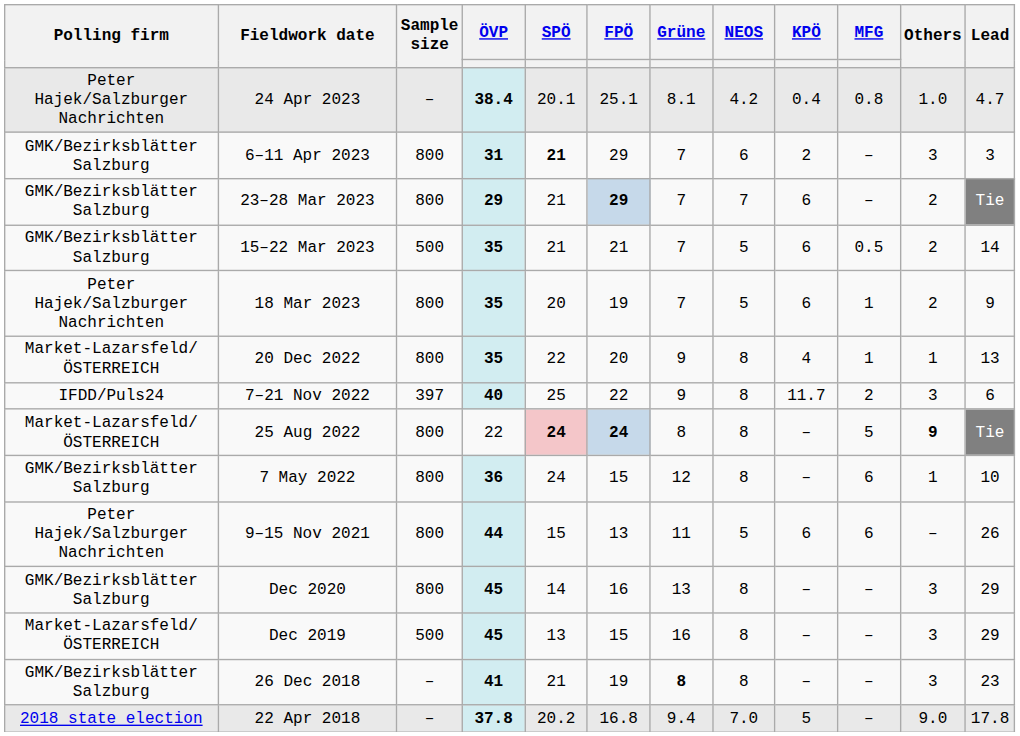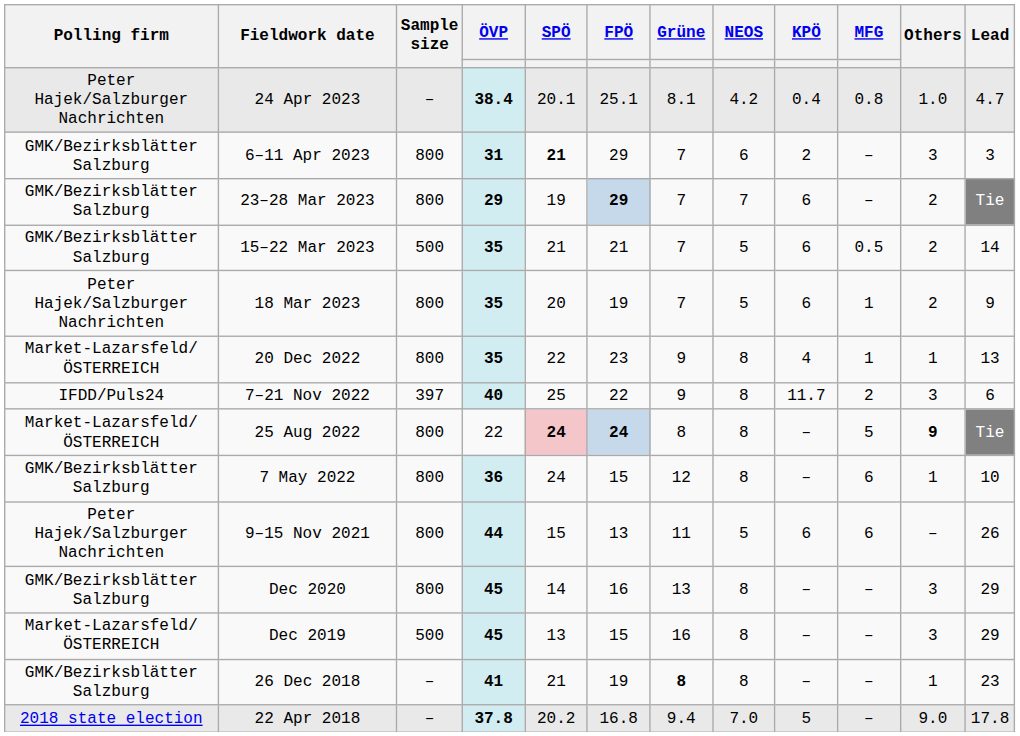 <table class="wikitable sortable" style="text-align:center;font-size:90%;line-height:14px;">
 <tr style="height:40px;">
 <th style="width:150px;" rowspan="2">Polling firm</th>
 <th style="width:125px;" rowspan="2">Fieldwork date</th>
 <th style="width:35px;" rowspan="2">Sample<br>size</th>
 <th class="unsortable" style="width:40px;"><a href='#'>ÖVP</a></th>
 <th class="unsortable" style="width:40px;"><a href='#'>SPÖ</a></th>
 <th class="unsortable" style="width:40px;"><a href='#'>FPÖ</a></th>
 <th class="unsortable" style="width:40px;"><a href='#'>Grüne</a></th>
 <th class="unsortable" style="width:40px;"><a href='#'>NEOS</a></th>
 <th class="unsortable" style="width:40px;"><a href='#'>KPÖ</a></th>
 <th class="unsortable" style="width:40px;"><a href='#'>MFG</a></th>
 <th class="unsortable" style="width:40px;" rowspan="2">Others</th>
 <th style="width:30px;" rowspan="2">Lead</th>
 </tr>
 <tr>
 <th style="background:"></th>
 <th style="background:"></th>
 <th style="background:"></th>
 <th style="background:"></th>
 <th style="background:"></th>
 <th style="background:"></th>
 <th style="background:"></th>
 </tr>
 <tr style="background:#E9E9E9;">
 <td>Peter Hajek/Salzburger Nachrichten</td>
 <td data-sort-value="2023-04-24">24 Apr 2023</td>
 <td>–</td>
 <td style="background:#D2EDF1;"><strong>38.4</strong></td>
 <td>20.1</td>
 <td>25.1</td>
 <td>8.1</td>
 <td>4.2</td>
 <td>0.4</td>
 <td>0.8</td>
 <td>1.0</td>
 <td style="background:">4.7</td>
 </tr>
 <tr>
 <td>GMK/Bezirksblätter Salzburg</td>
 <td data-sort-value="2023-04-11">6–11 Apr 2023</td>
 <td>800</td>
 <td style="background:#D2EDF1;"><strong>31</strong></td>
 <td><strong>21</strong></td>
 <td>29</td>
 <td>7</td>
 <td>6</td>
 <td>2</td>
 <td>–</td>
 <td>3</td>
 <td style="background:">3</td>
 </tr>
 <tr>
 <td>GMK/Bezirksblätter Salzburg</td>
 <td data-sort-value="2023-03-28">23–28 Mar 2023</td>
 <td>800</td>
 <td style="background:#D2EDF1;"><strong>29</strong></td>
-<td>21</td>
+<td>19</td>
 <td style="background:#C6D9EA;"><strong>29</strong></td>
 <td>7</td>
 <td>7</td>
 <td>6</td>
 <td>–</td>
 <td>2</td>
 <td style="background:gray; color:white;">Tie</td>
 </tr>
 <tr>
 <td>GMK/Bezirksblätter Salzburg</td>
 <td data-sort-value="2023-03-22">15–22 Mar 2023</td>
 <td>500</td>
 <td style="background:#D2EDF1;"><strong>35</strong></td>
 <td>21</td>
 <td>21</td>
 <td>7</td>
 <td>5</td>
 <td>6</td>
 <td>0.5</td>
 <td>2</td>
 <td style="background:">14</td>
 </tr>
 <tr>
 <td>Peter Hajek/Salzburger Nachrichten</td>
 <td data-sort-value="2023-03-18">18 Mar 2023</td>
 <td>800</td>
 <td style="background:#D2EDF1;"><strong>35</strong></td>
 <td>20</td>
 <td>19</td>
 <td>7</td>
 <td>5</td>
 <td>6</td>
 <td>1</td>
 <td>2</td>
 <td style="background:">9</td>
 </tr>
 <tr>
 <td>Market-Lazarsfeld/ÖSTERREICH</td>
 <td data-sort-value="2018-03-17">20 Dec 2022</td>
 <td>800</td>
 <td style="background:#D2EDF1;"><strong>35</strong></td>
 <td>22</td>
-<td>20</td>
+<td>23</td>
 <td>9</td>
 <td>8</td>
 <td>4</td>
 <td>1</td>
 <td>1</td>
 <td style="background:">13</td>
 </tr>
 <tr>
 <td>IFDD/Puls24</td>
 <td data-sort-value="2018-03-08">7–21 Nov 2022</td>
 <td>397</td>
 <td style="background:#D2EDF1;"><strong>40</strong></td>
 <td>25</td>
 <td>22</td>
 <td>9</td>
 <td>8</td>
 <td>11.7</td>
 <td>2</td>
 <td>3</td>
 <td style="background:">6</td>
 </tr>
 <tr>
 <td>Market-Lazarsfeld/ÖSTERREICH</td>
 <td>25 Aug 2022</td>
 <td>800</td>
 <td>22</td>
 <td style="background:#F4C6C9;"><strong>24</strong></td>
 <td style="background:#C6D9EA;"><strong>24</strong></td>
 <td>8</td>
 <td>8</td>
 <td>–</td>
 <td>5</td>
 <td><strong>9</strong></td>
 <td style="background:gray; color:white;">Tie</td>
 </tr>
 <tr>
 <td>GMK/Bezirksblätter Salzburg</td>
 <td>7 May 2022</td>
 <td>800</td>
 <td style="background:#D2EDF1;"><strong>36</strong></td>
 <td>24</td>
 <td>15</td>
 <td>12</td>
 <td>8</td>
 <td>–</td>
 <td>6</td>
 <td>1</td>
 <td style="background:">10</td>
 </tr>
 <tr>
 <td>Peter Hajek/Salzburger Nachrichten</td>
 <td data-sort-value="2021-01-19">9–15 Nov 2021</td>
 <td>800</td>
 <td style="background:#D2EDF1;"><strong>44</strong></td>
 <td>15</td>
 <td>13</td>
 <td>11</td>
 <td>5</td>
 <td>6</td>
 <td>6</td>
 <td>–</td>
 <td style="background:">26</td>
 </tr>
 <tr>
 <td>GMK/Bezirksblätter Salzburg</td>
 <td data-sort-value="2020-12-23">Dec 2020</td>
 <td>800</td>
 <td style="background:#D2EDF1;"><strong>45</strong></td>
 <td>14</td>
 <td>16</td>
 <td>13</td>
 <td>8</td>
 <td>–</td>
 <td>–</td>
 <td>3</td>
 <td style="background:">29</td>
 </tr>
 <tr>
 <td>Market-Lazarsfeld/ÖSTERREICH</td>
 <td data-sort-value="2019-12-24">Dec 2019</td>
 <td>500</td>
 <td style="background:#D2EDF1;"><strong>45</strong></td>
 <td>13</td>
 <td>15</td>
 <td>16</td>
 <td>8</td>
 <td>–</td>
 <td>–</td>
 <td>3</td>
 <td style="background:">29</td>
 </tr>
 <tr>
 <td>GMK/Bezirksblätter Salzburg</td>
 <td data-sort-value="2017-12-14">26 Dec 2018</td>
 <td>–</td>
 <td style="background:#D2EDF1;"><strong>41</strong></td>
 <td>21</td>
 <td>19</td>
 <td><strong>8</strong></td>
 <td>8</td>
 <td>–</td>
 <td>–</td>
-<td>3</td>
+<td>1</td>
 <td style="background:">23</td>
 </tr>
 <tr style="background:#E9E9E9;">
 <td><a href='#'>2018 state election</a></td>
 <td data-sort-value="2013-05-05">22 Apr 2018</td>
 <td>–</td>
 <td style="background:#D2EDF1;"><strong>37.8</strong></td>
 <td>20.2</td>
 <td>16.8</td>
 <td>9.4</td>
 <td>7.0</td>
 <td>5</td>
 <td>–</td>
 <td>9.0</td>
 <td style="background:">17.8</td>
 </tr>
 </table>
